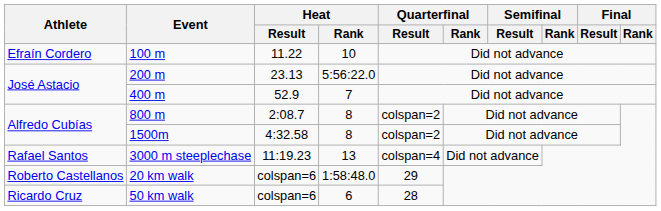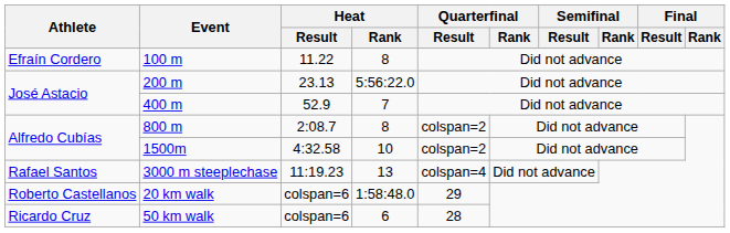 <table class="wikitable" style="font-size:90%; text-align: center">
 <tr>
 <th rowspan="2">Athlete</th>
 <th rowspan="2">Event</th>
 <th colspan="2">Heat</th>
 <th colspan="2">Quarterfinal</th>
 <th colspan="2">Semifinal</th>
 <th colspan="2">Final</th>
 </tr>
 <tr style="font-size:95%">
 <th>Result</th>
 <th>Rank</th>
 <th>Result</th>
 <th>Rank</th>
 <th>Result</th>
 <th>Rank</th>
 <th>Result</th>
 <th>Rank</th>
 </tr>
 <tr align=center>
 <td align=left><a href='#'>Efraín Cordero</a></td>
 <td align=left><a href='#'>100 m</a></td>
 <td>11.22</td>
-<td>10</td>
+<td>8</td>
 <td colspan=6>Did not advance</td>
 </tr>
 <tr align=center>
 <td align=left rowspan=2><a href='#'>José Astacio</a></td>
 <td align=left><a href='#'>200 m</a></td>
 <td>23.13</td>
 <td>5:56:22.0</td>
 <td colspan=6>Did not advance</td>
 </tr>
 <tr align=center>
 <td align=left><a href='#'>400 m</a></td>
 <td>52.9</td>
 <td>7</td>
 <td colspan=6>Did not advance</td>
 </tr>
 <tr align=center>
 <td align=left rowspan=2><a href='#'>Alfredo Cubías</a></td>
 <td align=left><a href='#'>800 m</a></td>
 <td>2:08.7</td>
 <td>8</td>
 <td>colspan=2 </td>
 <td colspan=4>Did not advance</td>
 </tr>
 <tr align=center>
 <td align=left><a href='#'>1500m</a></td>
 <td>4:32.58</td>
-<td>8</td>
+<td>10</td>
 <td>colspan=2 </td>
 <td colspan=4>Did not advance</td>
 </tr>
 <tr align=center>
 <td align=left><a href='#'>Rafael Santos</a></td>
 <td align=left><a href='#'>3000 m steeplechase</a></td>
 <td>11:19.23</td>
 <td>13</td>
 <td>colspan=4 </td>
 <td colspan=2>Did not advance</td>
 </tr>
 <tr align=center>
 <td align=left><a href='#'>Roberto Castellanos</a></td>
 <td align=left><a href='#'>20 km walk</a></td>
 <td>colspan=6 </td>
 <td>1:58:48.0</td>
 <td>29</td>
 </tr>
 <tr align=center>
 <td align=left><a href='#'>Ricardo Cruz</a></td>
 <td align=left><a href='#'>50 km walk</a></td>
 <td>colspan=6 </td>
 <td>6</td>
 <td>28</td>
 </tr>
 </table>
